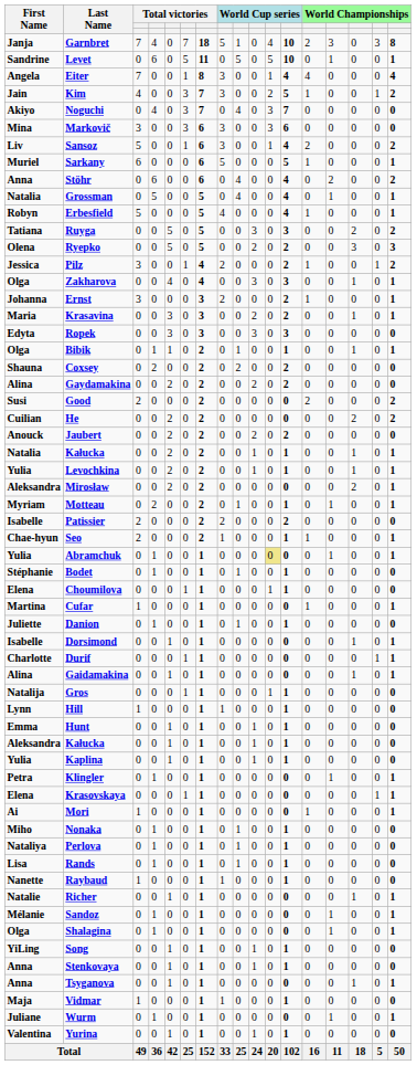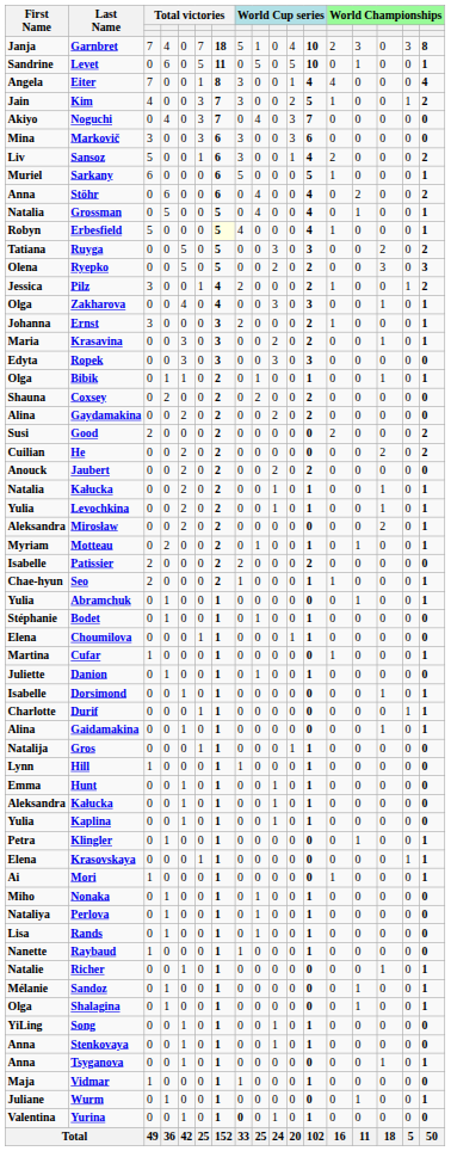 <table class="wikitable sortable">
 <tr>
 <th rowspan=3>First<br>Name</th>
 <th rowspan=3>Last<br>Name</th>
 <th colspan=5>Total victories</th>
 <th colspan=5 style="background:#b0e0e6">World Cup series</th>
 <th colspan=5 style="background:#98FB98">World Championships</th>
 </tr>
 <tr>
 <th></th>
 <th></th>
 <th></th>
 <th></th>
 <th></th>
 <th></th>
 <th></th>
 <th></th>
 <th></th>
 <th></th>
 <th></th>
 <th></th>
 <th></th>
 <th></th>
 <th></th>
 </tr>
 <tr>
 <th></th>
 <th></th>
 <th></th>
 <th></th>
 <th></th>
 <th></th>
 <th></th>
 <th></th>
 <th></th>
 <th></th>
 <th></th>
 <th></th>
 <th></th>
 <th></th>
 <th></th>
 </tr>
 <tr>
 <td><strong>Janja</strong></td>
 <td><a href='#'><strong>Garnbret</strong></a></td>
 <td>7</td>
 <td>4</td>
 <td>0</td>
 <td>7</td>
 <td><strong>18</strong></td>
 <td>5</td>
 <td>1</td>
 <td>0</td>
 <td>4</td>
 <td><strong>10</strong></td>
 <td>2</td>
 <td>3</td>
 <td>0</td>
 <td>3</td>
 <td><strong>8</strong></td>
 </tr>
 <tr>
 <td><strong>Sandrine</strong></td>
 <td><a href='#'><strong>Levet</strong></a></td>
 <td>0</td>
 <td>6</td>
 <td>0</td>
 <td>5</td>
 <td><strong>11</strong></td>
 <td>0</td>
 <td>5</td>
 <td>0</td>
 <td>5</td>
 <td><strong>10</strong></td>
 <td>0</td>
 <td>1</td>
 <td>0</td>
 <td>0</td>
 <td><strong>1</strong></td>
 </tr>
 <tr>
 <td><strong>Angela</strong></td>
 <td><a href='#'><strong>Eiter</strong></a></td>
 <td>7</td>
 <td>0</td>
 <td>0</td>
 <td>1</td>
 <td><strong>8</strong></td>
 <td>3</td>
 <td>0</td>
 <td>0</td>
 <td>1</td>
 <td><strong>4</strong></td>
 <td>4</td>
 <td>0</td>
 <td>0</td>
 <td>0</td>
 <td><strong>4</strong></td>
 </tr>
 <tr>
 <td><strong>Jain</strong></td>
 <td><a href='#'><strong>Kim</strong></a></td>
 <td>4</td>
 <td>0</td>
 <td>0</td>
 <td>3</td>
 <td><strong>7</strong></td>
 <td>3</td>
 <td>0</td>
 <td>0</td>
 <td>2</td>
 <td><strong>5</strong></td>
 <td>1</td>
 <td>0</td>
 <td>0</td>
 <td>1</td>
 <td><strong>2</strong></td>
 </tr>
 <tr>
 <td><strong>Akiyo</strong></td>
 <td><a href='#'><strong>Noguchi</strong></a></td>
 <td>0</td>
 <td>4</td>
 <td>0</td>
 <td>3</td>
 <td><strong>7</strong></td>
 <td>0</td>
 <td>4</td>
 <td>0</td>
 <td>3</td>
 <td><strong>7</strong></td>
 <td>0</td>
 <td>0</td>
 <td>0</td>
 <td>0</td>
 <td><strong>0</strong></td>
 </tr>
 <tr>
 <td><strong>Mina</strong></td>
 <td><a href='#'><strong>Markovič</strong></a></td>
 <td>3</td>
 <td>0</td>
 <td>0</td>
 <td>3</td>
 <td><strong>6</strong></td>
 <td>3</td>
 <td>0</td>
 <td>0</td>
 <td>3</td>
 <td><strong>6</strong></td>
 <td>0</td>
 <td>0</td>
 <td>0</td>
 <td>0</td>
 <td><strong>0</strong></td>
 </tr>
 <tr>
 <td><strong>Liv</strong></td>
 <td><a href='#'><strong>Sansoz</strong></a></td>
 <td>5</td>
 <td>0</td>
 <td>0</td>
 <td>1</td>
 <td><strong>6</strong></td>
 <td>3</td>
 <td>0</td>
 <td>0</td>
 <td>1</td>
 <td><strong>4</strong></td>
 <td>2</td>
 <td>0</td>
 <td>0</td>
 <td>0</td>
 <td><strong>2</strong></td>
 </tr>
 <tr>
 <td><strong>Muriel</strong></td>
 <td><a href='#'><strong>Sarkany</strong></a></td>
 <td>6</td>
 <td>0</td>
 <td>0</td>
 <td>0</td>
 <td><strong>6</strong></td>
 <td>5</td>
 <td>0</td>
 <td>0</td>
 <td>0</td>
 <td><strong>5</strong></td>
 <td>1</td>
 <td>0</td>
 <td>0</td>
 <td>0</td>
 <td><strong>1</strong></td>
 </tr>
 <tr>
 <td><strong>Anna</strong></td>
 <td><a href='#'><strong>Stöhr</strong></a></td>
 <td>0</td>
 <td>6</td>
 <td>0</td>
 <td>0</td>
 <td><strong>6</strong></td>
 <td>0</td>
 <td>4</td>
 <td>0</td>
 <td>0</td>
 <td><strong>4</strong></td>
 <td>0</td>
 <td>2</td>
 <td>0</td>
 <td>0</td>
 <td><strong>2</strong></td>
 </tr>
 <tr>
 <td><strong>Natalia</strong></td>
 <td><a href='#'><strong>Grossman</strong></a></td>
 <td>0</td>
 <td>5</td>
 <td>0</td>
 <td>0</td>
 <td><strong>5</strong></td>
 <td>0</td>
 <td>4</td>
 <td>0</td>
 <td>0</td>
 <td><strong>4</strong></td>
 <td>0</td>
 <td>1</td>
 <td>0</td>
 <td>0</td>
 <td><strong>1</strong></td>
 </tr>
 <tr>
 <td><strong>Robyn</strong></td>
 <td><a href='#'><strong>Erbesfield</strong></a></td>
 <td>5</td>
 <td>0</td>
 <td>0</td>
 <td>0</td>
-<td><strong>5</strong></td>
+<td style="background: lightyellow;"><strong>5</strong></td>
 <td>4</td>
 <td>0</td>
 <td>0</td>
 <td>0</td>
 <td><strong>4</strong></td>
 <td>1</td>
 <td>0</td>
 <td>0</td>
 <td>0</td>
 <td><strong>1</strong></td>
 </tr>
 <tr>
 <td><strong>Tatiana</strong></td>
 <td><a href='#'><strong>Ruyga</strong></a></td>
 <td>0</td>
 <td>0</td>
 <td>5</td>
 <td>0</td>
 <td><strong>5</strong></td>
 <td>0</td>
 <td>0</td>
 <td>3</td>
 <td>0</td>
 <td><strong>3</strong></td>
 <td>0</td>
 <td>0</td>
 <td>2</td>
 <td>0</td>
 <td><strong>2</strong></td>
 </tr>
 <tr>
 <td><strong>Olena</strong></td>
 <td><a href='#'><strong>Ryepko</strong></a></td>
 <td>0</td>
 <td>0</td>
 <td>5</td>
 <td>0</td>
 <td><strong>5</strong></td>
 <td>0</td>
 <td>0</td>
 <td>2</td>
 <td>0</td>
 <td><strong>2</strong></td>
 <td>0</td>
 <td>0</td>
 <td>3</td>
 <td>0</td>
 <td><strong>3</strong></td>
 </tr>
 <tr>
 <td><strong>Jessica</strong></td>
 <td><a href='#'><strong>Pilz</strong></a></td>
 <td>3</td>
 <td>0</td>
 <td>0</td>
 <td>1</td>
 <td><strong>4</strong></td>
 <td>2</td>
 <td>0</td>
 <td>0</td>
 <td>0</td>
 <td><strong>2</strong></td>
 <td>1</td>
 <td>0</td>
 <td>0</td>
 <td>1</td>
 <td><strong>2</strong></td>
 </tr>
 <tr>
 <td><strong>Olga</strong></td>
 <td><a href='#'><strong>Zakharova</strong></a></td>
 <td>0</td>
 <td>0</td>
 <td>4</td>
 <td>0</td>
 <td><strong>4</strong></td>
 <td>0</td>
 <td>0</td>
 <td>3</td>
 <td>0</td>
 <td><strong>3</strong></td>
 <td>0</td>
 <td>0</td>
 <td>1</td>
 <td>0</td>
 <td><strong>1</strong></td>
 </tr>
 <tr>
 <td><strong>Johanna</strong></td>
 <td><a href='#'><strong>Ernst</strong></a></td>
 <td>3</td>
 <td>0</td>
 <td>0</td>
 <td>0</td>
 <td><strong>3</strong></td>
 <td>2</td>
 <td>0</td>
 <td>0</td>
 <td>0</td>
 <td><strong>2</strong></td>
 <td>1</td>
 <td>0</td>
 <td>0</td>
 <td>0</td>
 <td><strong>1</strong></td>
 </tr>
 <tr>
 <td><strong>Maria</strong></td>
 <td><a href='#'><strong>Krasavina</strong></a></td>
 <td>0</td>
 <td>0</td>
 <td>3</td>
 <td>0</td>
 <td><strong>3</strong></td>
 <td>0</td>
 <td>0</td>
 <td>2</td>
 <td>0</td>
 <td><strong>2</strong></td>
 <td>0</td>
 <td>0</td>
 <td>1</td>
 <td>0</td>
 <td><strong>1</strong></td>
 </tr>
 <tr>
 <td><strong>Edyta</strong></td>
 <td><a href='#'><strong>Ropek</strong></a></td>
 <td>0</td>
 <td>0</td>
 <td>3</td>
 <td>0</td>
 <td><strong>3</strong></td>
 <td>0</td>
 <td>0</td>
 <td>3</td>
 <td>0</td>
 <td><strong>3</strong></td>
 <td>0</td>
 <td>0</td>
 <td>0</td>
 <td>0</td>
 <td><strong>0</strong></td>
 </tr>
 <tr>
 <td><strong>Olga</strong></td>
 <td><a href='#'><strong>Bibik</strong></a></td>
 <td>0</td>
 <td>1</td>
 <td>1</td>
 <td>0</td>
 <td><strong>2</strong></td>
 <td>0</td>
 <td>1</td>
 <td>0</td>
 <td>0</td>
 <td><strong>1</strong></td>
 <td>0</td>
 <td>0</td>
 <td>1</td>
 <td>0</td>
 <td><strong>1</strong></td>
 </tr>
 <tr>
 <td><strong>Shauna</strong></td>
 <td><a href='#'><strong>Coxsey</strong></a></td>
 <td>0</td>
 <td>2</td>
 <td>0</td>
 <td>0</td>
 <td><strong>2</strong></td>
 <td>0</td>
 <td>2</td>
 <td>0</td>
 <td>0</td>
 <td><strong>2</strong></td>
 <td>0</td>
 <td>0</td>
 <td>0</td>
 <td>0</td>
 <td><strong>0</strong></td>
 </tr>
 <tr>
 <td><strong>Alina</strong></td>
 <td><a href='#'><strong>Gaydamakina</strong></a></td>
 <td>0</td>
 <td>0</td>
 <td>2</td>
 <td>0</td>
 <td><strong>2</strong></td>
 <td>0</td>
 <td>0</td>
 <td>2</td>
 <td>0</td>
 <td><strong>2</strong></td>
 <td>0</td>
 <td>0</td>
 <td>0</td>
 <td>0</td>
 <td><strong>0</strong></td>
 </tr>
 <tr>
 <td><strong>Susi</strong></td>
 <td><a href='#'><strong>Good</strong></a></td>
 <td>2</td>
 <td>0</td>
 <td>0</td>
 <td>0</td>
 <td><strong>2</strong></td>
 <td>0</td>
 <td>0</td>
 <td>0</td>
 <td>0</td>
 <td><strong>0</strong></td>
 <td>2</td>
 <td>0</td>
 <td>0</td>
 <td>0</td>
 <td><strong>2</strong></td>
 </tr>
 <tr>
 <td><strong>Cuilian</strong></td>
 <td><a href='#'><strong>He</strong></a></td>
 <td>0</td>
 <td>0</td>
 <td>2</td>
 <td>0</td>
 <td><strong>2</strong></td>
 <td>0</td>
 <td>0</td>
 <td>0</td>
 <td>0</td>
 <td><strong>0</strong></td>
 <td>0</td>
 <td>0</td>
 <td>2</td>
 <td>0</td>
 <td><strong>2</strong></td>
 </tr>
 <tr>
 <td><strong>Anouck</strong></td>
 <td><a href='#'><strong>Jaubert</strong></a></td>
 <td>0</td>
 <td>0</td>
 <td>2</td>
 <td>0</td>
 <td><strong>2</strong></td>
 <td>0</td>
 <td>0</td>
 <td>2</td>
 <td>0</td>
 <td><strong>2</strong></td>
 <td>0</td>
 <td>0</td>
 <td>0</td>
 <td>0</td>
 <td><strong>0</strong></td>
 </tr>
 <tr>
 <td><strong>Natalia</strong></td>
 <td><a href='#'><strong>Kałucka</strong></a></td>
 <td>0</td>
 <td>0</td>
 <td>2</td>
 <td>0</td>
 <td><strong>2</strong></td>
 <td>0</td>
 <td>0</td>
 <td>1</td>
 <td>0</td>
 <td><strong>1</strong></td>
 <td>0</td>
 <td>0</td>
 <td>1</td>
 <td>0</td>
 <td><strong>1</strong></td>
 </tr>
 <tr>
 <td><strong>Yulia</strong></td>
 <td><a href='#'><strong>Levochkina</strong></a></td>
 <td>0</td>
 <td>0</td>
 <td>2</td>
 <td>0</td>
 <td><strong>2</strong></td>
 <td>0</td>
 <td>0</td>
 <td>1</td>
 <td>0</td>
 <td><strong>1</strong></td>
 <td>0</td>
 <td>0</td>
 <td>1</td>
 <td>0</td>
 <td><strong>1</strong></td>
 </tr>
 <tr>
 <td><strong>Aleksandra</strong></td>
 <td><a href='#'><strong>Mirosław</strong></a></td>
 <td>0</td>
 <td>0</td>
 <td>2</td>
 <td>0</td>
 <td><strong>2</strong></td>
 <td>0</td>
 <td>0</td>
 <td>0</td>
 <td>0</td>
 <td><strong>0</strong></td>
 <td>0</td>
 <td>0</td>
 <td>2</td>
 <td>0</td>
 <td><strong>1</strong></td>
 </tr>
 <tr>
 <td><strong>Myriam</strong></td>
 <td><a href='#'><strong>Motteau</strong></a></td>
 <td>0</td>
 <td>2</td>
 <td>0</td>
 <td>0</td>
 <td><strong>2</strong></td>
 <td>0</td>
 <td>1</td>
 <td>0</td>
 <td>0</td>
 <td><strong>1</strong></td>
 <td>0</td>
 <td>1</td>
 <td>0</td>
 <td>0</td>
 <td><strong>1</strong></td>
 </tr>
 <tr>
 <td><strong>Isabelle</strong></td>
 <td><a href='#'><strong>Patissier</strong></a></td>
 <td>2</td>
 <td>0</td>
 <td>0</td>
 <td>0</td>
 <td><strong>2</strong></td>
 <td>2</td>
 <td>0</td>
 <td>0</td>
 <td>0</td>
 <td><strong>2</strong></td>
 <td>0</td>
 <td>0</td>
 <td>0</td>
 <td>0</td>
 <td><strong>0</strong></td>
 </tr>
 <tr>
 <td><strong>Chae-hyun</strong></td>
 <td><a href='#'><strong>Seo</strong></a></td>
 <td>2</td>
 <td>0</td>
 <td>0</td>
 <td>0</td>
 <td><strong>2</strong></td>
 <td>1</td>
 <td>0</td>
 <td>0</td>
 <td>0</td>
 <td><strong>1</strong></td>
 <td>1</td>
 <td>0</td>
 <td>0</td>
 <td>0</td>
 <td><strong>1</strong></td>
 </tr>
 <tr>
 <td><strong>Yulia</strong></td>
 <td><a href='#'><strong>Abramchuk</strong></a></td>
 <td>0</td>
 <td>1</td>
 <td>0</td>
 <td>0</td>
 <td><strong>1</strong></td>
 <td>0</td>
 <td>0</td>
 <td>0</td>
-<td style="background: khaki;">0</td>
+<td>0</td>
 <td><strong>0</strong></td>
 <td>0</td>
 <td>1</td>
 <td>0</td>
 <td>0</td>
 <td><strong>1</strong></td>
 </tr>
 <tr>
 <td><strong>Stéphanie</strong></td>
 <td><a href='#'><strong>Bodet</strong></a></td>
 <td>0</td>
 <td>1</td>
 <td>0</td>
 <td>0</td>
 <td><strong>1</strong></td>
 <td>0</td>
 <td>1</td>
 <td>0</td>
 <td>0</td>
 <td><strong>1</strong></td>
 <td>0</td>
 <td>0</td>
 <td>0</td>
 <td>0</td>
 <td><strong>0</strong></td>
 </tr>
 <tr>
 <td><strong>Elena</strong></td>
 <td><a href='#'><strong>Choumilova</strong></a></td>
 <td>0</td>
 <td>0</td>
 <td>0</td>
 <td>1</td>
 <td><strong>1</strong></td>
 <td>0</td>
 <td>0</td>
 <td>0</td>
 <td>1</td>
 <td><strong>1</strong></td>
 <td>0</td>
 <td>0</td>
 <td>0</td>
 <td>0</td>
 <td><strong>0</strong></td>
 </tr>
 <tr>
 <td><strong>Martina</strong></td>
 <td><a href='#'><strong>Cufar</strong></a></td>
 <td>1</td>
 <td>0</td>
 <td>0</td>
 <td>0</td>
 <td><strong>1</strong></td>
 <td>0</td>
 <td>0</td>
 <td>0</td>
 <td>0</td>
 <td><strong>0</strong></td>
 <td>1</td>
 <td>0</td>
 <td>0</td>
 <td>0</td>
 <td><strong>1</strong></td>
 </tr>
 <tr>
 <td><strong>Juliette</strong></td>
 <td><a href='#'><strong>Danion</strong></a></td>
 <td>0</td>
 <td>1</td>
 <td>0</td>
 <td>0</td>
 <td><strong>1</strong></td>
 <td>0</td>
 <td>1</td>
 <td>0</td>
 <td>0</td>
 <td><strong>1</strong></td>
 <td>0</td>
 <td>0</td>
 <td>0</td>
 <td>0</td>
 <td><strong>0</strong></td>
 </tr>
 <tr>
 <td><strong>Isabelle</strong></td>
 <td><a href='#'><strong>Dorsimond</strong></a></td>
 <td>0</td>
 <td>0</td>
 <td>1</td>
 <td>0</td>
 <td><strong>1</strong></td>
 <td>0</td>
 <td>0</td>
 <td>0</td>
 <td>0</td>
 <td><strong>0</strong></td>
 <td>0</td>
 <td>0</td>
 <td>1</td>
 <td>0</td>
 <td><strong>1</strong></td>
 </tr>
 <tr>
 <td><strong>Charlotte</strong></td>
 <td><a href='#'><strong>Durif</strong></a></td>
 <td>0</td>
 <td>0</td>
 <td>0</td>
 <td>1</td>
 <td><strong>1</strong></td>
 <td>0</td>
 <td>0</td>
 <td>0</td>
 <td>0</td>
 <td><strong>0</strong></td>
 <td>0</td>
 <td>0</td>
 <td>0</td>
 <td>1</td>
 <td><strong>1</strong></td>
 </tr>
 <tr>
 <td><strong>Alina</strong></td>
 <td><a href='#'><strong>Gaidamakina</strong></a></td>
 <td>0</td>
 <td>0</td>
 <td>1</td>
 <td>0</td>
 <td><strong>1</strong></td>
 <td>0</td>
 <td>0</td>
 <td>0</td>
 <td>0</td>
 <td><strong>0</strong></td>
 <td>0</td>
 <td>0</td>
 <td>1</td>
 <td>0</td>
 <td><strong>1</strong></td>
 </tr>
 <tr>
 <td><strong>Natalija</strong></td>
 <td><a href='#'><strong>Gros</strong></a></td>
 <td>0</td>
 <td>0</td>
 <td>0</td>
 <td>1</td>
 <td><strong>1</strong></td>
 <td>0</td>
 <td>0</td>
 <td>0</td>
 <td>1</td>
 <td><strong>1</strong></td>
 <td>0</td>
 <td>0</td>
 <td>0</td>
 <td>0</td>
 <td><strong>0</strong></td>
 </tr>
 <tr>
 <td><strong>Lynn</strong></td>
 <td><a href='#'><strong>Hill</strong></a></td>
 <td>1</td>
 <td>0</td>
 <td>0</td>
 <td>0</td>
 <td><strong>1</strong></td>
 <td>1</td>
 <td>0</td>
 <td>0</td>
 <td>0</td>
 <td><strong>1</strong></td>
 <td>0</td>
 <td>0</td>
 <td>0</td>
 <td>0</td>
 <td><strong>0</strong></td>
 </tr>
 <tr>
 <td><strong>Emma</strong></td>
 <td><a href='#'><strong>Hunt</strong></a></td>
 <td>0</td>
 <td>0</td>
 <td>1</td>
 <td>0</td>
 <td><strong>1</strong></td>
 <td>0</td>
 <td>0</td>
 <td>1</td>
 <td>0</td>
 <td><strong>1</strong></td>
 <td>0</td>
 <td>0</td>
 <td>0</td>
 <td>0</td>
 <td><strong>0</strong></td>
 </tr>
 <tr>
 <td><strong>Aleksandra</strong></td>
 <td><a href='#'><strong>Kałucka</strong></a></td>
 <td>0</td>
 <td>0</td>
 <td>1</td>
 <td>0</td>
 <td><strong>1</strong></td>
 <td>0</td>
 <td>0</td>
 <td>1</td>
 <td>0</td>
 <td><strong>1</strong></td>
 <td>0</td>
 <td>0</td>
 <td>0</td>
 <td>0</td>
 <td><strong>0</strong></td>
 </tr>
 <tr>
 <td><strong>Yulia</strong></td>
 <td><a href='#'><strong>Kaplina</strong></a></td>
 <td>0</td>
 <td>0</td>
 <td>1</td>
 <td>0</td>
 <td><strong>1</strong></td>
 <td>0</td>
 <td>0</td>
 <td>1</td>
 <td>0</td>
 <td><strong>1</strong></td>
 <td>0</td>
 <td>0</td>
 <td>0</td>
 <td>0</td>
 <td><strong>0</strong></td>
 </tr>
 <tr>
 <td><strong>Petra</strong></td>
 <td><a href='#'><strong>Klingler</strong></a></td>
 <td>0</td>
 <td>1</td>
 <td>0</td>
 <td>0</td>
 <td><strong>1</strong></td>
 <td>0</td>
 <td>0</td>
 <td>0</td>
 <td>0</td>
 <td><strong>0</strong></td>
 <td>0</td>
 <td>1</td>
 <td>0</td>
 <td>0</td>
 <td><strong>1</strong></td>
 </tr>
 <tr>
 <td><strong>Elena</strong></td>
 <td><a href='#'><strong>Krasovskaya</strong></a></td>
 <td>0</td>
 <td>0</td>
 <td>0</td>
 <td>1</td>
 <td><strong>1</strong></td>
 <td>0</td>
 <td>0</td>
 <td>0</td>
 <td>0</td>
 <td><strong>0</strong></td>
 <td>0</td>
 <td>0</td>
 <td>0</td>
 <td>1</td>
 <td><strong>1</strong></td>
 </tr>
 <tr>
 <td><strong>Ai</strong></td>
 <td><a href='#'><strong>Mori</strong></a></td>
 <td>1</td>
 <td>0</td>
 <td>0</td>
 <td>0</td>
 <td><strong>1</strong></td>
 <td>0</td>
 <td>0</td>
 <td>0</td>
 <td>0</td>
 <td><strong>0</strong></td>
 <td>1</td>
 <td>0</td>
 <td>0</td>
 <td>0</td>
 <td><strong>1</strong></td>
 </tr>
 <tr>
 <td><strong>Miho</strong></td>
 <td><a href='#'><strong>Nonaka</strong></a></td>
 <td>0</td>
 <td>1</td>
 <td>0</td>
 <td>0</td>
 <td><strong>1</strong></td>
 <td>0</td>
 <td>1</td>
 <td>0</td>
 <td>0</td>
 <td><strong>1</strong></td>
 <td>0</td>
 <td>0</td>
 <td>0</td>
 <td>0</td>
 <td><strong>0</strong></td>
 </tr>
 <tr>
 <td><strong>Nataliya</strong></td>
 <td><a href='#'><strong>Perlova</strong></a></td>
 <td>0</td>
 <td>1</td>
 <td>0</td>
 <td>0</td>
 <td><strong>1</strong></td>
 <td>0</td>
 <td>1</td>
 <td>0</td>
 <td>0</td>
 <td><strong>1</strong></td>
 <td>0</td>
 <td>0</td>
 <td>0</td>
 <td>0</td>
 <td><strong>0</strong></td>
 </tr>
 <tr>
 <td><strong>Lisa</strong></td>
 <td><a href='#'><strong>Rands</strong></a></td>
 <td>0</td>
 <td>1</td>
 <td>0</td>
 <td>0</td>
 <td><strong>1</strong></td>
 <td>0</td>
 <td>1</td>
 <td>0</td>
 <td>0</td>
 <td><strong>1</strong></td>
 <td>0</td>
 <td>0</td>
 <td>0</td>
 <td>0</td>
 <td><strong>0</strong></td>
 </tr>
 <tr>
 <td><strong>Nanette</strong></td>
 <td><a href='#'><strong>Raybaud</strong></a></td>
 <td>1</td>
 <td>0</td>
 <td>0</td>
 <td>0</td>
 <td><strong>1</strong></td>
 <td>1</td>
 <td>0</td>
 <td>0</td>
 <td>0</td>
 <td><strong>1</strong></td>
 <td>0</td>
 <td>0</td>
 <td>0</td>
 <td>0</td>
 <td><strong>0</strong></td>
 </tr>
 <tr>
 <td><strong>Natalie</strong></td>
 <td><a href='#'><strong>Richer</strong></a></td>
 <td>0</td>
 <td>0</td>
 <td>1</td>
 <td>0</td>
 <td><strong>1</strong></td>
 <td>0</td>
 <td>0</td>
 <td>0</td>
 <td>0</td>
 <td><strong>0</strong></td>
 <td>0</td>
 <td>0</td>
 <td>1</td>
 <td>0</td>
 <td><strong>1</strong></td>
 </tr>
 <tr>
 <td><strong>Mélanie</strong></td>
 <td><a href='#'><strong>Sandoz</strong></a></td>
 <td>0</td>
 <td>1</td>
 <td>0</td>
 <td>0</td>
 <td><strong>1</strong></td>
 <td>0</td>
 <td>0</td>
 <td>0</td>
 <td>0</td>
 <td><strong>0</strong></td>
 <td>0</td>
 <td>1</td>
 <td>0</td>
 <td>0</td>
 <td><strong>1</strong></td>
 </tr>
 <tr>
 <td><strong>Olga</strong></td>
 <td><a href='#'><strong>Shalagina</strong></a></td>
 <td>0</td>
 <td>1</td>
 <td>0</td>
 <td>0</td>
 <td><strong>1</strong></td>
 <td>0</td>
 <td>0</td>
 <td>0</td>
 <td>0</td>
 <td><strong>0</strong></td>
 <td>0</td>
 <td>1</td>
 <td>0</td>
 <td>0</td>
 <td><strong>1</strong></td>
 </tr>
 <tr>
 <td><strong>YiLing</strong></td>
 <td><a href='#'><strong>Song</strong></a></td>
 <td>0</td>
 <td>0</td>
 <td>1</td>
 <td>0</td>
 <td><strong>1</strong></td>
 <td>0</td>
 <td>0</td>
 <td>1</td>
 <td>0</td>
 <td><strong>1</strong></td>
 <td>0</td>
 <td>0</td>
 <td>0</td>
 <td>0</td>
 <td><strong>0</strong></td>
 </tr>
 <tr>
 <td><strong>Anna</strong></td>
 <td><a href='#'><strong>Stenkovaya</strong></a></td>
 <td>0</td>
 <td>0</td>
 <td>1</td>
 <td>0</td>
 <td><strong>1</strong></td>
 <td>0</td>
 <td>0</td>
 <td>1</td>
 <td>0</td>
 <td><strong>1</strong></td>
 <td>0</td>
 <td>0</td>
 <td>0</td>
 <td>0</td>
 <td><strong>0</strong></td>
 </tr>
 <tr>
 <td><strong>Anna</strong></td>
 <td><a href='#'><strong>Tsyganova</strong></a></td>
 <td>0</td>
 <td>0</td>
 <td>1</td>
 <td>0</td>
 <td><strong>1</strong></td>
 <td>0</td>
 <td>0</td>
 <td>0</td>
 <td>0</td>
 <td><strong>0</strong></td>
 <td>0</td>
 <td>0</td>
 <td>1</td>
 <td>0</td>
 <td><strong>1</strong></td>
 </tr>
 <tr>
 <td><strong>Maja</strong></td>
 <td><a href='#'><strong>Vidmar</strong></a></td>
 <td>1</td>
 <td>0</td>
 <td>0</td>
 <td>0</td>
 <td><strong>1</strong></td>
 <td>1</td>
 <td>0</td>
 <td>0</td>
 <td>0</td>
 <td><strong>1</strong></td>
 <td>0</td>
 <td>0</td>
 <td>0</td>
 <td>0</td>
 <td><strong>0</strong></td>
 </tr>
 <tr>
 <td><strong>Juliane</strong></td>
 <td><a href='#'><strong>Wurm</strong></a></td>
 <td>0</td>
 <td>1</td>
 <td>0</td>
 <td>0</td>
 <td><strong>1</strong></td>
 <td>0</td>
 <td>0</td>
 <td>0</td>
 <td>0</td>
 <td><strong>0</strong></td>
 <td>0</td>
 <td>1</td>
 <td>0</td>
 <td>0</td>
 <td><strong>1</strong></td>
 </tr>
 <tr>
 <td><strong>Valentina</strong></td>
 <td><a href='#'><strong>Yurina</strong></a></td>
 <td>0</td>
 <td>0</td>
 <td>1</td>
 <td>0</td>
 <td><strong>1</strong></td>
-<td>0</td>
+<td><strong>0</strong></td>
 <td>0</td>
 <td>1</td>
 <td>0</td>
 <td><strong>1</strong></td>
 <td>0</td>
 <td>0</td>
 <td>0</td>
 <td>0</td>
 <td><strong>0</strong></td>
 </tr>
 <tr>
 <th colspan=2>Total</th>
 <th>49</th>
 <th>36</th>
 <th>42</th>
 <th>25</th>
 <th>152</th>
 <th>33</th>
 <th>25</th>
 <th>24</th>
 <th>20</th>
 <th>102</th>
 <th>16</th>
 <th>11</th>
 <th>18</th>
 <th>5</th>
 <th>50</th>
 </tr>
 </table>
